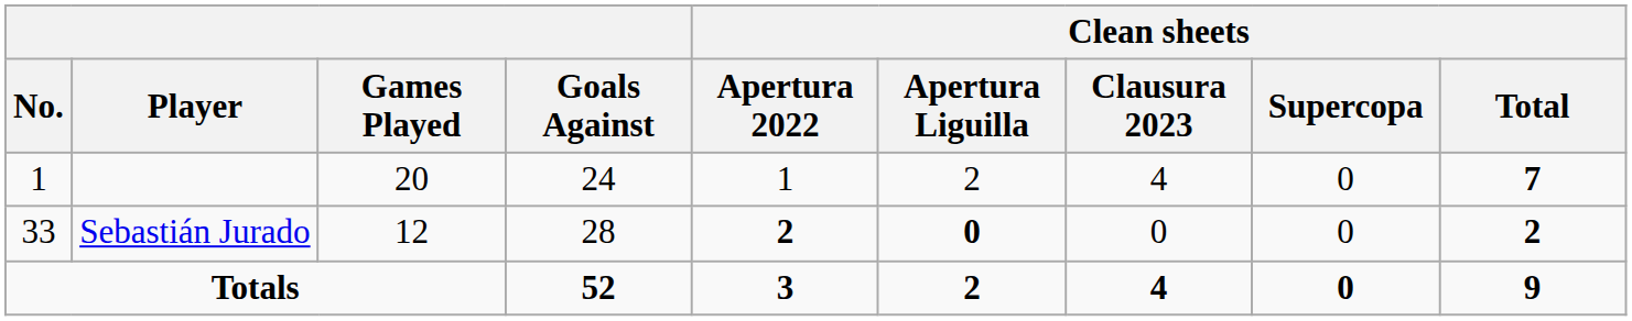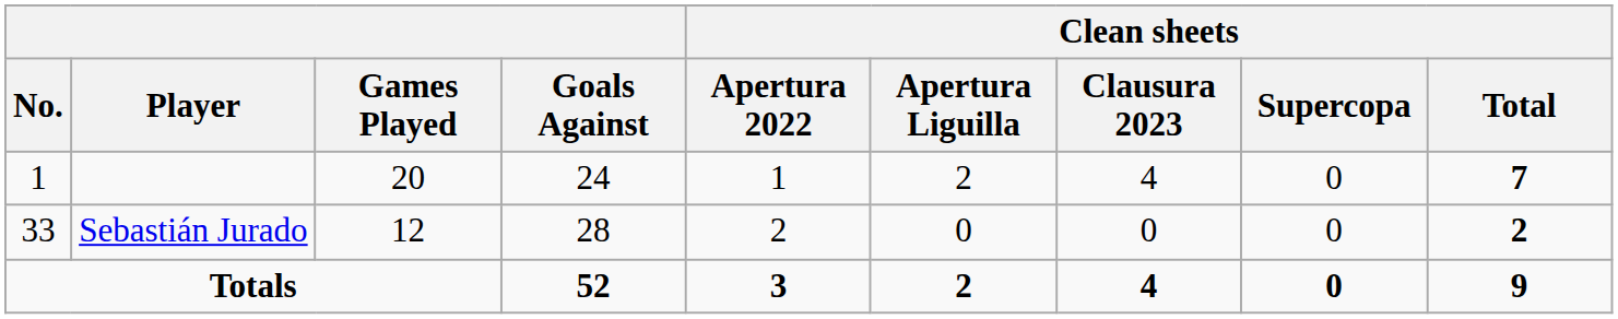 <table class="wikitable sortable alternance" style="text-align:center">
 <tr>
 <th colspan="4"></th>
 <th colspan="5">Clean sheets</th>
 </tr>
 <tr>
 <th>No.</th>
 <th>Player</th>
 <th width=80>Games Played</th>
 <th width=80>Goals Against</th>
 <th width=80>Apertura 2022</th>
 <th width=80>Apertura Liguilla</th>
 <th width=80>Clausura 2023</th>
 <th width=80>Supercopa</th>
 <th width=80>Total</th>
 </tr>
 <tr>
 <td>1</td>
 <td></td>
 <td>20</td>
 <td>24</td>
 <td>1</td>
 <td>2</td>
 <td>4</td>
 <td>0</td>
 <td><strong>7</strong></td>
 </tr>
 <tr>
 <td>33</td>
 <td> <a href='#'>Sebastián Jurado</a></td>
 <td>12</td>
 <td>28</td>
-<td><strong>2</strong></td>
-<td><strong>0</strong></td>
+<td>2</td>
+<td>0</td>
 <td>0</td>
 <td>0</td>
 <td><strong>2</strong></td>
 </tr>
 <tr class="sortbottom">
 <td colspan="3"><strong>Totals</strong></td>
 <td><strong>52</strong></td>
 <td><strong>3</strong></td>
 <td><strong>2</strong></td>
 <td><strong>4</strong></td>
 <td><strong>0</strong></td>
 <td><strong>9</strong></td>
 </tr>
 </table>
